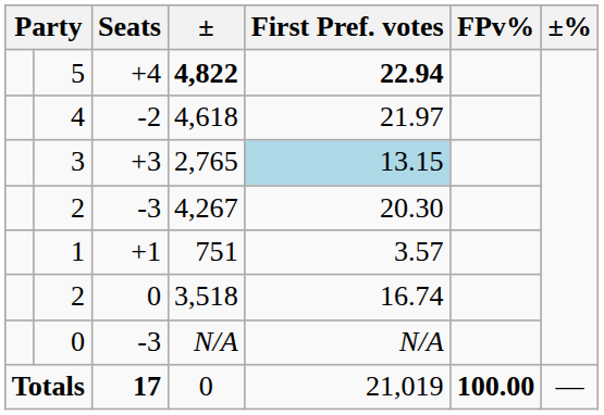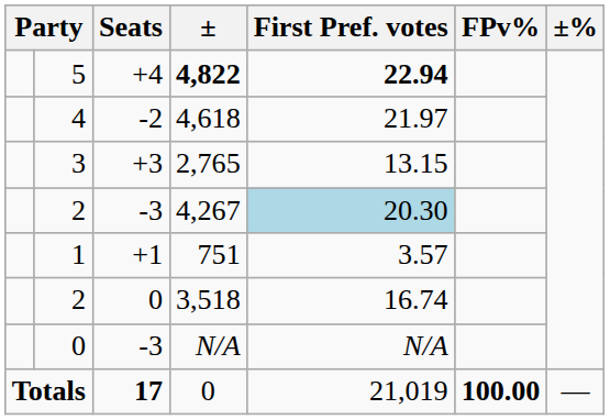 <table class=wikitable>
 <tr>
 <th colspan=2 align=center>Party</th>
 <th valign=top>Seats</th>
 <th valign=top>±</th>
 <th valign=top>First Pref. votes</th>
 <th valign=top>FPv%</th>
 <th valign=top>±%</th>
 </tr>
 <tr>
 <td></td>
 <td align=right>5</td>
 <td align=right>+4</td>
 <td align=right><strong>4,822</strong></td>
 <td align=right><strong>22.94</strong></td>
 <td align=right></td>
 </tr>
 <tr>
 <td></td>
 <td align=right>4</td>
 <td align=right>-2</td>
 <td align=right>4,618</td>
 <td align=right>21.97</td>
 <td align=right></td>
 </tr>
 <tr>
 <td></td>
 <td align=right>3</td>
 <td align=right>+3</td>
 <td align=right>2,765</td>
-<td align=right style="background: lightblue;">13.15</td>
+<td align=right>13.15</td>
 <td align=right></td>
 </tr>
 <tr>
 <td></td>
 <td align=right>2</td>
 <td align=right>-3</td>
 <td align=right>4,267</td>
-<td align=right>20.30</td>
+<td align=right style="background: lightblue;">20.30</td>
 <td align=right></td>
 </tr>
 <tr>
 <td></td>
 <td align=right>1</td>
 <td align=right>+1</td>
 <td align=right>751</td>
 <td align=right>3.57</td>
 <td align=right></td>
 </tr>
 <tr>
 <td></td>
 <td align=right>2</td>
 <td align=right>0</td>
 <td align=right>3,518</td>
 <td align=right>16.74</td>
 <td align=right></td>
 </tr>
 <tr>
 <td></td>
 <td align=right>0</td>
 <td align=right>-3</td>
 <td align=right><em>N/A</em></td>
 <td align=right><em>N/A</em></td>
 <td align=right></td>
 </tr>
 <tr>
 <td colspan=2 align=center><strong>Totals</strong></td>
 <td align=right><strong>17</strong></td>
 <td align=center>0</td>
 <td align=right>21,019</td>
 <td align=center><strong>100.00</strong></td>
 <td align=center>—</td>
 </tr>
 </table>
